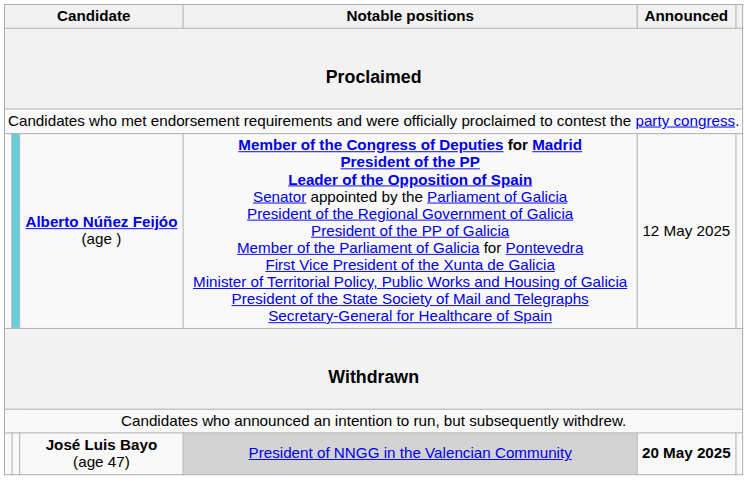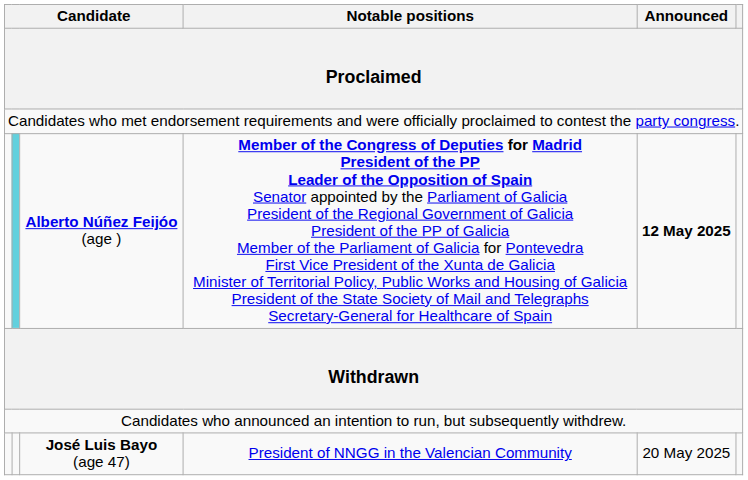 <table class="wikitable" style="text-align:center;">
 <tr>
 <th colspan="3">Candidate</th>
 <th>Notable positions</th>
 <th>Announced</th>
 <th></th>
 </tr>
 <tr>
 <th colspan="6"><br><h3>Proclaimed</h3></th>
 </tr>
 <tr>
 <td colspan="7">Candidates who met endorsement requirements and were officially proclaimed to contest the <a href='#'>party congress</a>.</td>
 </tr>
 <tr>
 <td></td>
 <td width="1px" style="color:inherit;background:#62D0DD;"></td>
 <td><strong><a href='#'>Alberto Núñez Feijóo</a></strong><br>(age )</td>
 <td><strong><a href='#'>Member of the Congress of Deputies</a> for <a href='#'>Madrid</a> <br><a href='#'>President of the PP</a> <br><a href='#'>Leader of the Opposition of Spain</a> </strong><br><a href='#'>Senator</a> appointed by the <a href='#'>Parliament of Galicia</a> <br><a href='#'>President of the Regional Government of Galicia</a> <br><a href='#'>President of the PP of Galicia</a> <br><a href='#'>Member of the Parliament of Galicia</a> for <a href='#'>Pontevedra</a> <br><a href='#'>First Vice President of the Xunta de Galicia</a> <br><a href='#'>Minister of Territorial Policy, Public Works and Housing of Galicia</a> <br><a href='#'>President of the State Society of Mail and Telegraphs</a> <br><a href='#'>Secretary-General for Healthcare of Spain</a> </td>
-<td>12 May 2025</td>
+<td><strong>12 May 2025</strong></td>
 <td></td>
 </tr>
 <tr>
 <th colspan="6"><br><h3>Withdrawn</h3></th>
 </tr>
 <tr>
 <td colspan="6">Candidates who announced an intention to run, but subsequently withdrew.</td>
 </tr>
 <tr>
 <td></td>
 <td style="color:inherit;background:"></td>
 <td><strong>José Luis Bayo</strong><br>(age 47)</td>
-<td style="background: lightgrey;"><a href='#'>President of NNGG in the Valencian Community</a> </td>
-<td><strong>20 May 2025</strong></td>
+<td><a href='#'>President of NNGG in the Valencian Community</a> </td>
+<td>20 May 2025</td>
 <td><br></td>
 </tr>
 </table>
